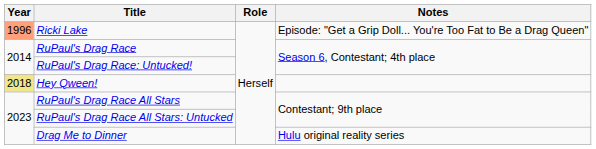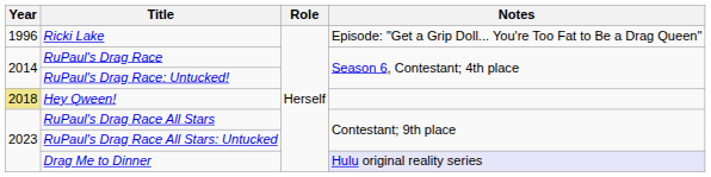 <table class="wikitable sortable">
 <tr>
 <th>Year</th>
 <th>Title</th>
 <th>Role</th>
 <th class="unsortable">Notes</th>
 </tr>
 <tr>
-<td style="background: lightsalmon;">1996</td>
+<td>1996</td>
 <td><em><a href='#'>Ricki Lake</a></em></td>
 <td rowspan="7">Herself</td>
 <td>Episode: "Get a Grip Doll... You're Too Fat to Be a Drag Queen"</td>
 </tr>
 <tr>
 <td rowspan="2">2014</td>
 <td><em><a href='#'>RuPaul's Drag Race</a></em></td>
 <td rowspan="2"><a href='#'>Season 6</a>, Contestant; 4th place</td>
 </tr>
 <tr>
 <td><em><a href='#'>RuPaul's Drag Race: Untucked!</a></em></td>
 </tr>
 <tr>
 <td style="background: khaki;">2018</td>
 <td><em><a href='#'>Hey Qween!</a></em></td>
 <td></td>
 </tr>
 <tr>
 <td rowspan="3">2023</td>
 <td><em><a href='#'>RuPaul's Drag Race All Stars</a></em></td>
 <td rowspan="2">Contestant; 9th place</td>
 </tr>
 <tr>
 <td scope="row"><em><a href='#'>RuPaul's Drag Race All Stars: Untucked</a></em></td>
 </tr>
 <tr>
 <td><em><a href='#'>Drag Me to Dinner</a></em></td>
-<td><a href='#'>Hulu</a> original reality series</td>
+<td style="background: lavender;"><a href='#'>Hulu</a> original reality series</td>
 </tr>
 </table>
